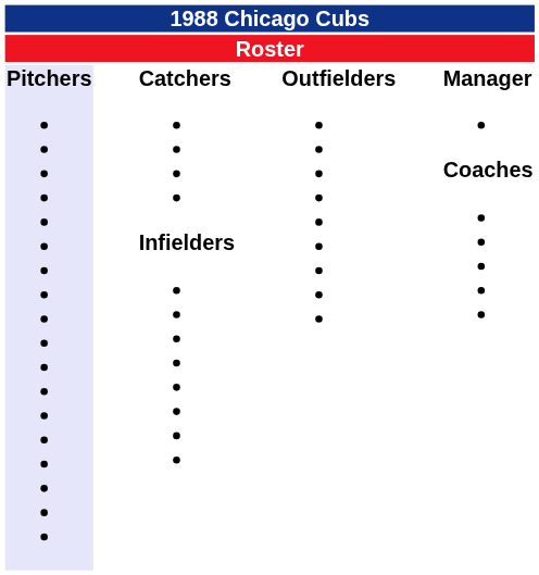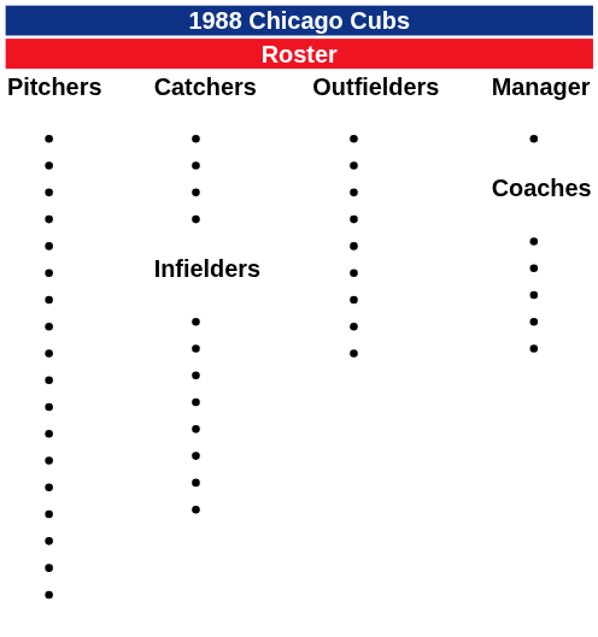 <table class="toccolours" style="font-size: 95%;">
 <tr>
 <th colspan="10" style="background-color: #0e3386; color: #FFFFFF; text-align: center;">1988 Chicago Cubs</th>
 </tr>
 <tr>
 <td colspan="10" style="background-color: #EE1422; color: #FFFFFF; text-align: center;"><strong>Roster</strong></td>
 </tr>
 <tr>
-<td valign="top" style="background: lavender;"><strong>Pitchers</strong><br><ul><li></li><li></li><li></li><li></li><li></li><li></li><li></li><li></li><li></li><li></li><li></li><li></li><li></li><li></li><li></li><li></li><li></li><li></li></ul></td>
+<td valign="top"><strong>Pitchers</strong><br><ul><li></li><li></li><li></li><li></li><li></li><li></li><li></li><li></li><li></li><li></li><li></li><li></li><li></li><li></li><li></li><li></li><li></li><li></li></ul></td>
 <td width="25px"></td>
 <td valign="top"><strong>Catchers</strong><br><ul><li></li><li></li><li></li><li></li></ul><strong>Infielders</strong><ul><li></li><li></li><li></li><li></li><li></li><li></li><li></li><li></li></ul></td>
 <td width="25px"></td>
 <td valign="top"><strong>Outfielders</strong><br><ul><li></li><li></li><li></li><li></li><li></li><li></li><li></li><li></li><li></li></ul></td>
 <td width="25px"></td>
 <td valign="top"><strong>Manager</strong><br><ul><li></li></ul><strong>Coaches</strong><ul><li></li><li></li><li></li><li></li><li></li></ul></td>
 </tr>
 </table>
